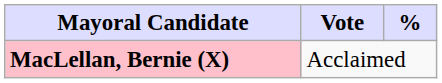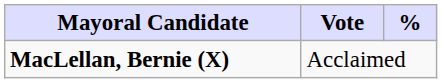 <table class="wikitable">
 <tr>
 <th style="background:#ddf; width:200px;">Mayoral Candidate </th>
 <th style="background:#ddf; width:50px;">Vote</th>
 <th style="background:#ddf; width:30px;">%</th>
 </tr>
 <tr>
-<td style="background: pink;"><strong>MacLellan, Bernie (X)</strong></td>
+<td><strong>MacLellan, Bernie (X)</strong></td>
 <td colspan="2">Acclaimed</td>
 </tr>
 </table>
